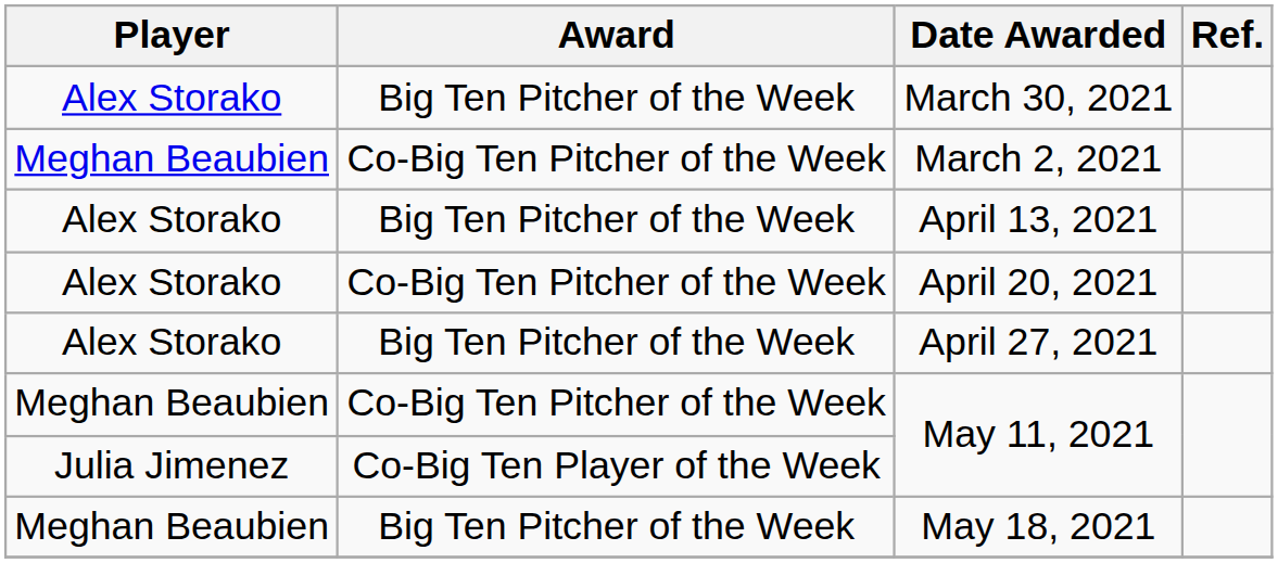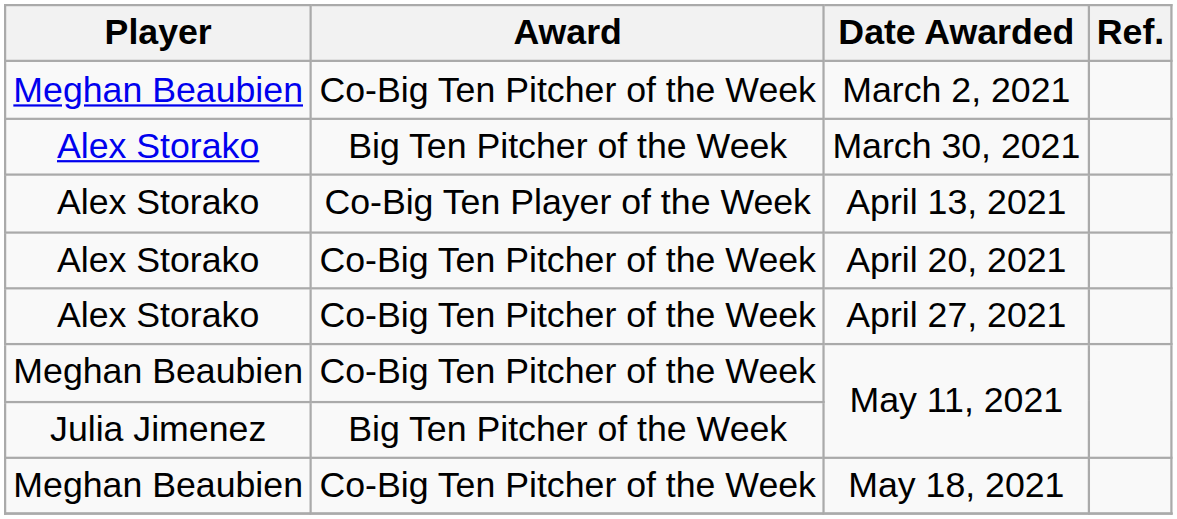 <table class="wikitable sortable sortable" style="text-align: center">
 <tr align=center>
 <th>Player</th>
 <th>Award</th>
 <th>Date Awarded</th>
 <th>Ref.</th>
 </tr>
 <tr>
+<td><a href='#'>Meghan Beaubien</a></td>
+<td>Co-Big Ten Pitcher of the Week</td>
+<td>March 2, 2021</td>
+<td></td>
+</tr>
+<tr>
 <td><a href='#'>Alex Storako</a></td>
 <td>Big Ten Pitcher of the Week</td>
 <td>March 30, 2021</td>
 <td></td>
 </tr>
 <tr>
-<td><a href='#'>Meghan Beaubien</a></td>
-<td>Co-Big Ten Pitcher of the Week</td>
-<td>March 2, 2021</td>
-<td></td>
-</tr>
-<tr>
 <td>Alex Storako</td>
-<td>Big Ten Pitcher of the Week</td>
+<td>Co-Big Ten Player of the Week</td>
 <td>April 13, 2021</td>
 <td></td>
 </tr>
 <tr>
 <td>Alex Storako</td>
 <td>Co-Big Ten Pitcher of the Week</td>
 <td>April 20, 2021</td>
 <td></td>
 </tr>
 <tr>
 <td>Alex Storako</td>
-<td>Big Ten Pitcher of the Week</td>
+<td>Co-Big Ten Pitcher of the Week</td>
 <td>April 27, 2021</td>
 <td></td>
 </tr>
 <tr>
 <td>Meghan Beaubien</td>
 <td>Co-Big Ten Pitcher of the Week</td>
 <td rowspan="2">May 11, 2021</td>
 <td rowspan="2"></td>
 </tr>
 <tr>
 <td>Julia Jimenez</td>
-<td>Co-Big Ten Player of the Week</td>
+<td>Big Ten Pitcher of the Week</td>
 </tr>
 <tr>
 <td>Meghan Beaubien</td>
-<td>Big Ten Pitcher of the Week</td>
+<td>Co-Big Ten Pitcher of the Week</td>
 <td>May 18, 2021</td>
 <td></td>
 </tr>
 <tr>
 </tr>
 </table>
